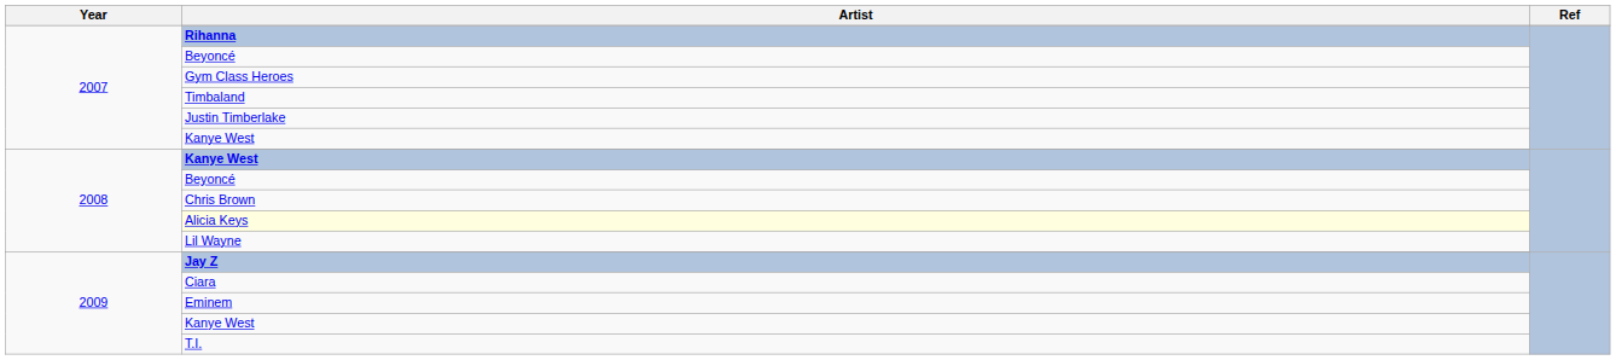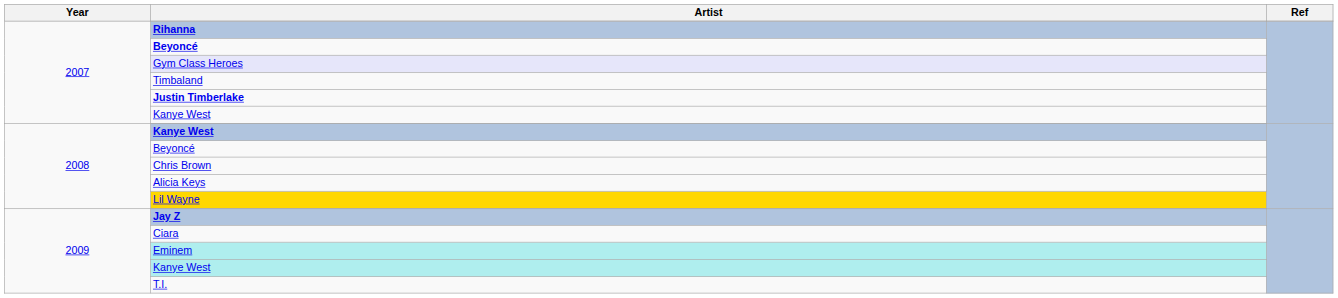 <table class="wikitable" style="width:100%;">
 <tr style="background:#bebebe;">
 <th style="width:11%;">Year</th>
 <th style="width:84%;">Artist</th>
 <th style="width:5%;">Ref</th>
 </tr>
 <tr>
 <td rowspan="7" align="center"><a href='#'>2007</a></td>
 </tr>
 <tr style="background:#B0C4DE">
 <td><strong><a href='#'>Rihanna</a></strong></td>
 <td rowspan="7" align="center"><br></td>
 </tr>
 <tr>
-<td><a href='#'>Beyoncé</a></td>
+<td><strong><a href='#'>Beyoncé</a></strong></td>
 </tr>
 <tr>
-<td><a href='#'>Gym Class Heroes</a></td>
+<td style="background: lavender;"><a href='#'>Gym Class Heroes</a></td>
 </tr>
 <tr>
 <td><a href='#'>Timbaland</a></td>
 </tr>
 <tr>
-<td><a href='#'>Justin Timberlake</a></td>
+<td><strong><a href='#'>Justin Timberlake</a></strong></td>
 </tr>
 <tr>
 <td><a href='#'>Kanye West</a></td>
 </tr>
 <tr>
 <td rowspan="6" align="center"><a href='#'>2008</a></td>
 </tr>
 <tr style="background:#B0C4DE">
 <td><strong><a href='#'>Kanye West</a></strong></td>
 <td rowspan="6" align="center"></td>
 </tr>
 <tr>
 <td><a href='#'>Beyoncé</a></td>
 </tr>
 <tr>
 <td><a href='#'>Chris Brown</a></td>
 </tr>
 <tr>
-<td style="background: lightyellow;"><a href='#'>Alicia Keys</a></td>
+<td><a href='#'>Alicia Keys</a></td>
 </tr>
 <tr>
-<td><a href='#'>Lil Wayne</a></td>
+<td style="background: gold;"><a href='#'>Lil Wayne</a></td>
 </tr>
 <tr>
 <td rowspan="6" align="center"><a href='#'>2009</a></td>
 </tr>
 <tr style="background:#B0C4DE">
 <td><strong><a href='#'>Jay Z</a></strong></td>
 <td rowspan="6" align="center"><br></td>
 </tr>
 <tr>
 <td><a href='#'>Ciara</a></td>
 </tr>
 <tr>
-<td><a href='#'>Eminem</a></td>
+<td style="background: paleturquoise;"><a href='#'>Eminem</a></td>
 </tr>
 <tr>
-<td><a href='#'>Kanye West</a></td>
+<td style="background: paleturquoise;"><a href='#'>Kanye West</a></td>
 </tr>
 <tr>
 <td><a href='#'>T.I.</a></td>
 </tr>
 </table>
